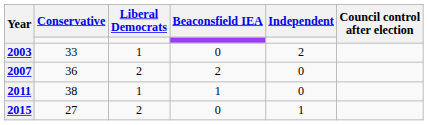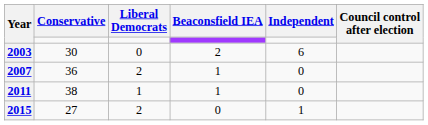 <table class="wikitable plainrowheaders" style="text-align:center">
 <tr>
 <th scope="col" rowspan="2">Year</th>
 <th scope="col"><a href='#'>Conservative</a></th>
 <th scope="col" style="width:1px"><a href='#'>Liberal Democrats</a></th>
 <th scope="col"><a href='#'>Beaconsfield IEA</a></th>
 <th scope="col"><a href='#'>Independent</a></th>
 <th scope="col" rowspan="2" colspan="2">Council control<br>after election</th>
 </tr>
 <tr>
 <td style="background:"></td>
 <td style="background:"></td>
 <td style="background:#a039ff"></td>
 <td style="background:"></td>
 </tr>
 <tr>
 <th scope="row"><a href='#'>2003</a></th>
-<td>33</td>
-<td>1</td>
+<td>30</td>
 <td>0</td>
 <td>2</td>
+<td>6</td>
 <td></td>
 </tr>
 <tr>
 <th scope="row"><a href='#'>2007</a></th>
 <td>36</td>
 <td>2</td>
-<td>2</td>
+<td>1</td>
 <td>0</td>
 <td></td>
 </tr>
 <tr>
 <th scope="row"><a href='#'>2011</a></th>
 <td>38</td>
 <td>1</td>
 <td>1</td>
 <td>0</td>
 <td></td>
 </tr>
 <tr>
 <th scope="row"><a href='#'>2015</a></th>
 <td>27</td>
 <td>2</td>
 <td>0</td>
 <td>1</td>
 <td></td>
 </tr>
 </table>
